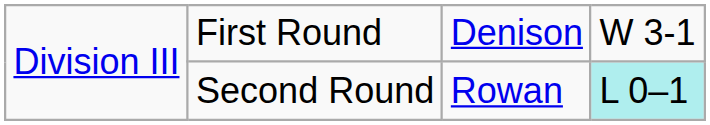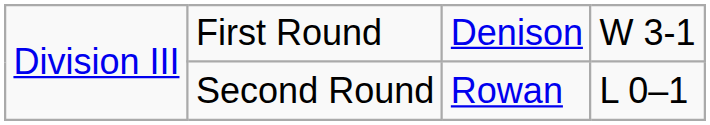 <table class="wikitable">
 <tr>
 <td rowspan="2"><a href='#'>Division III</a></td>
 <td>First Round</td>
 <td><a href='#'>Denison</a></td>
 <td>W 3-1</td>
 </tr>
 <tr>
 <td>Second Round</td>
 <td><a href='#'>Rowan</a></td>
-<td style="background: paleturquoise;">L 0–1</td>
+<td>L 0–1</td>
 </tr>
 </table>
